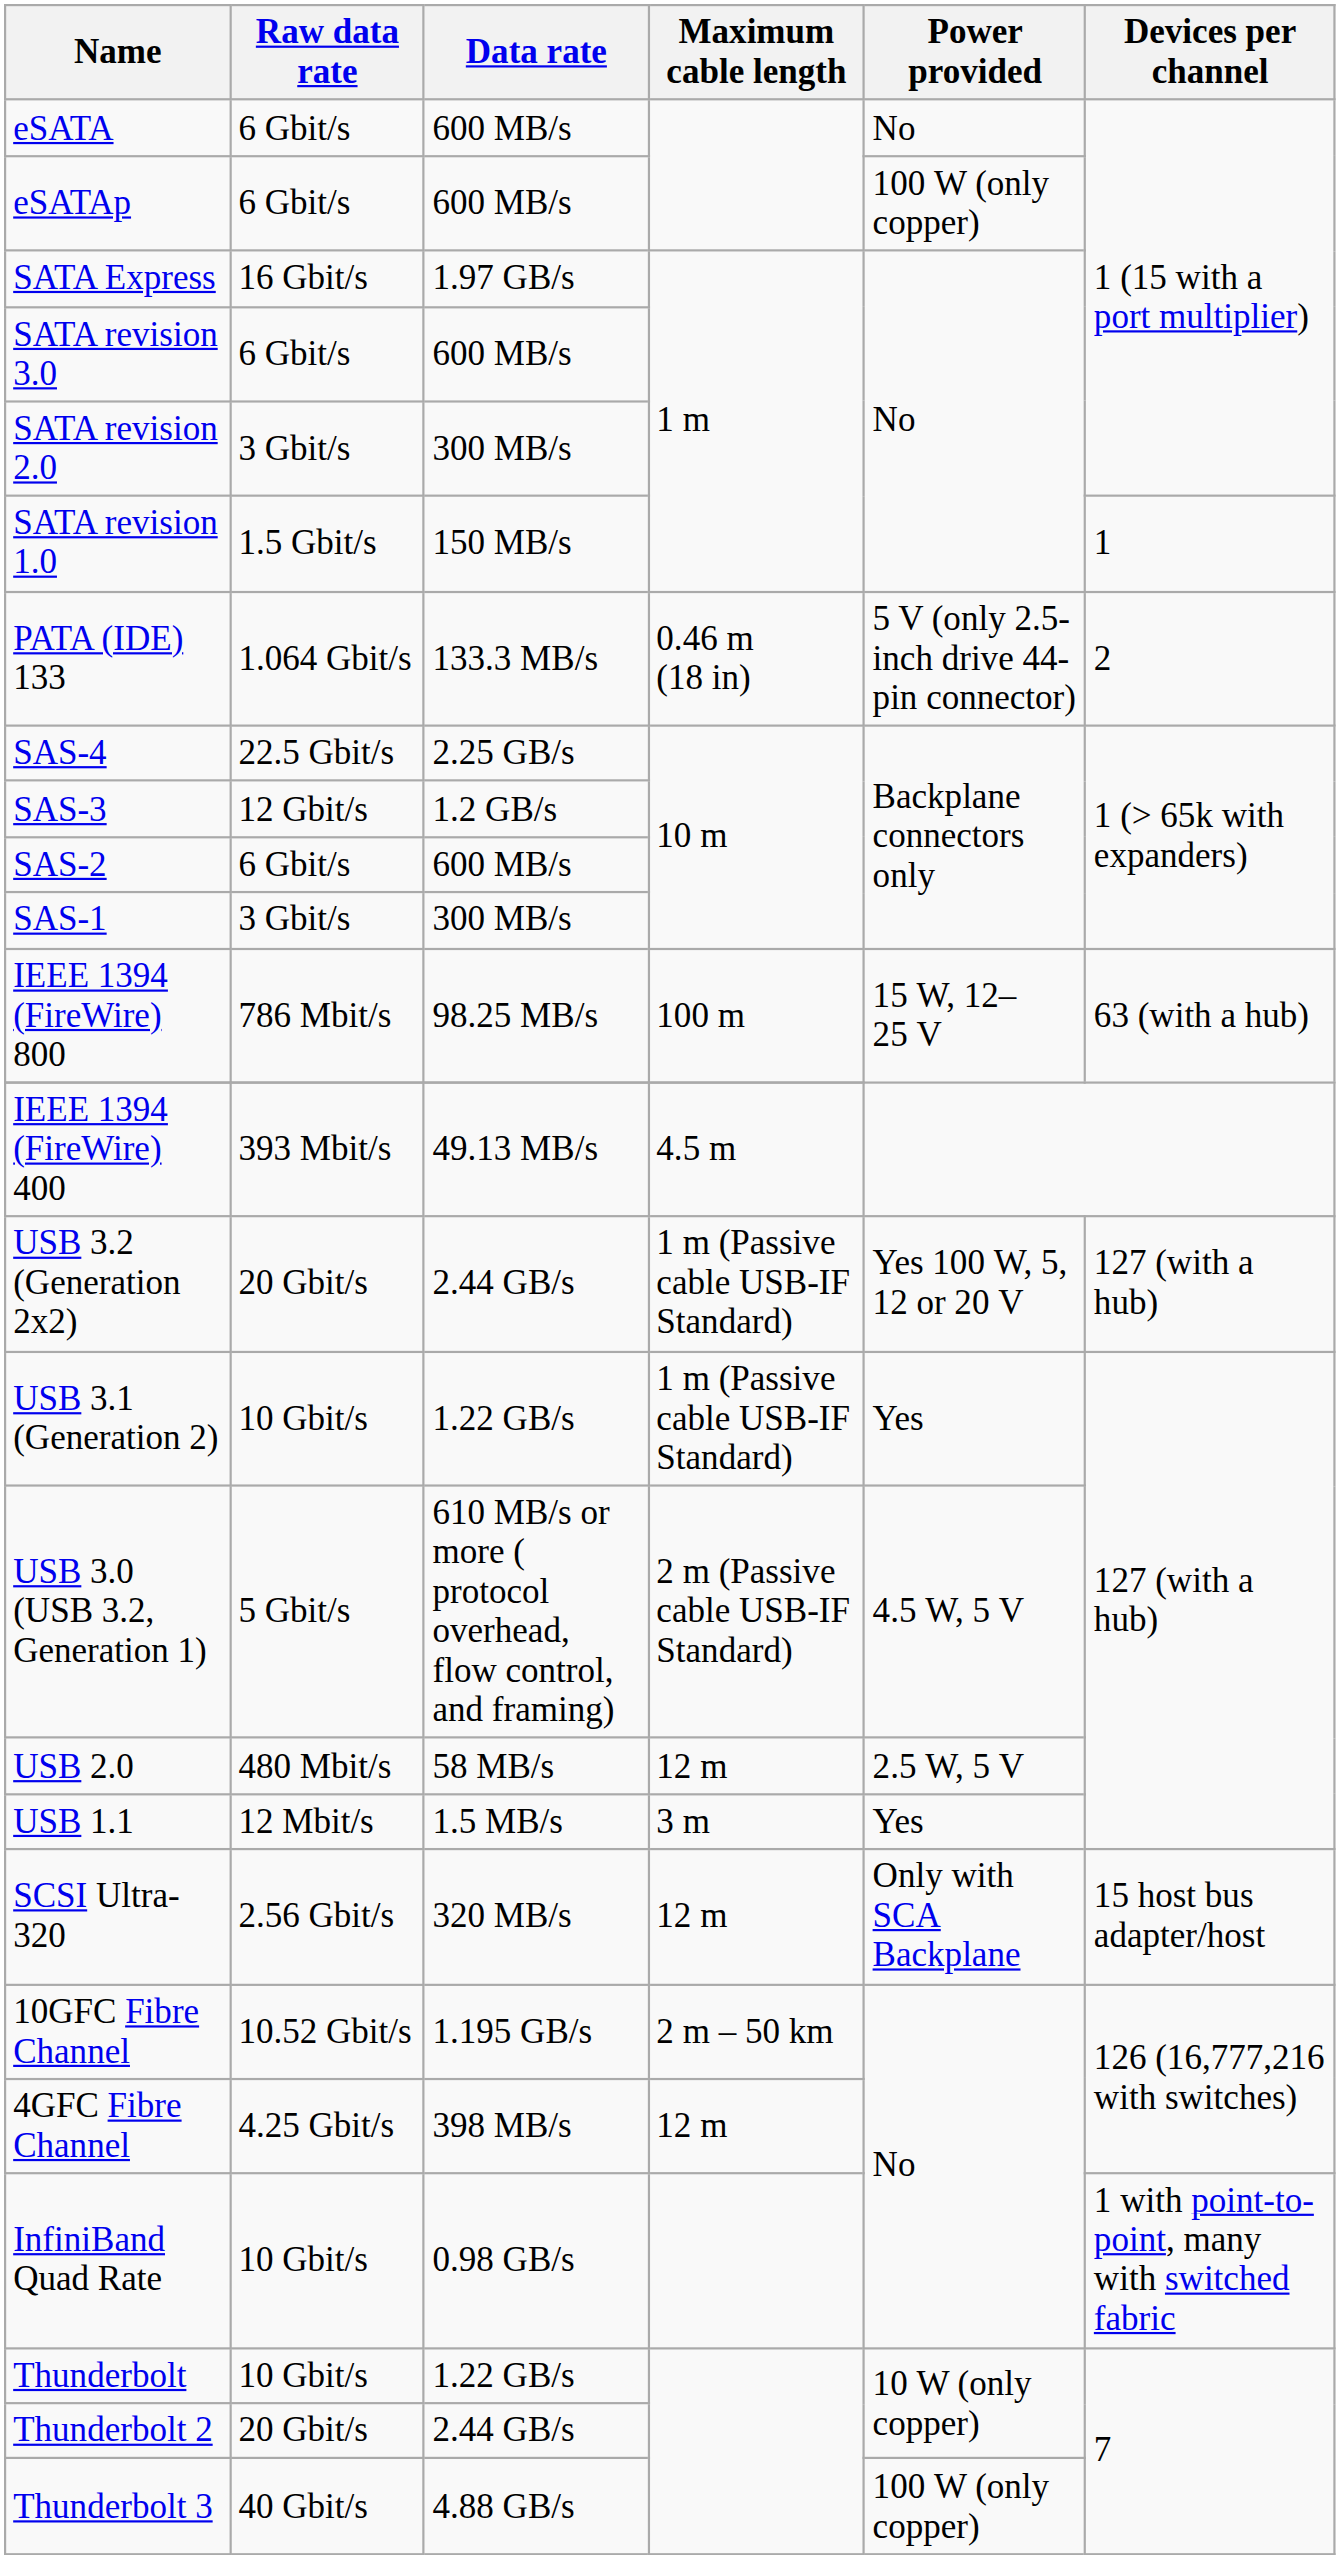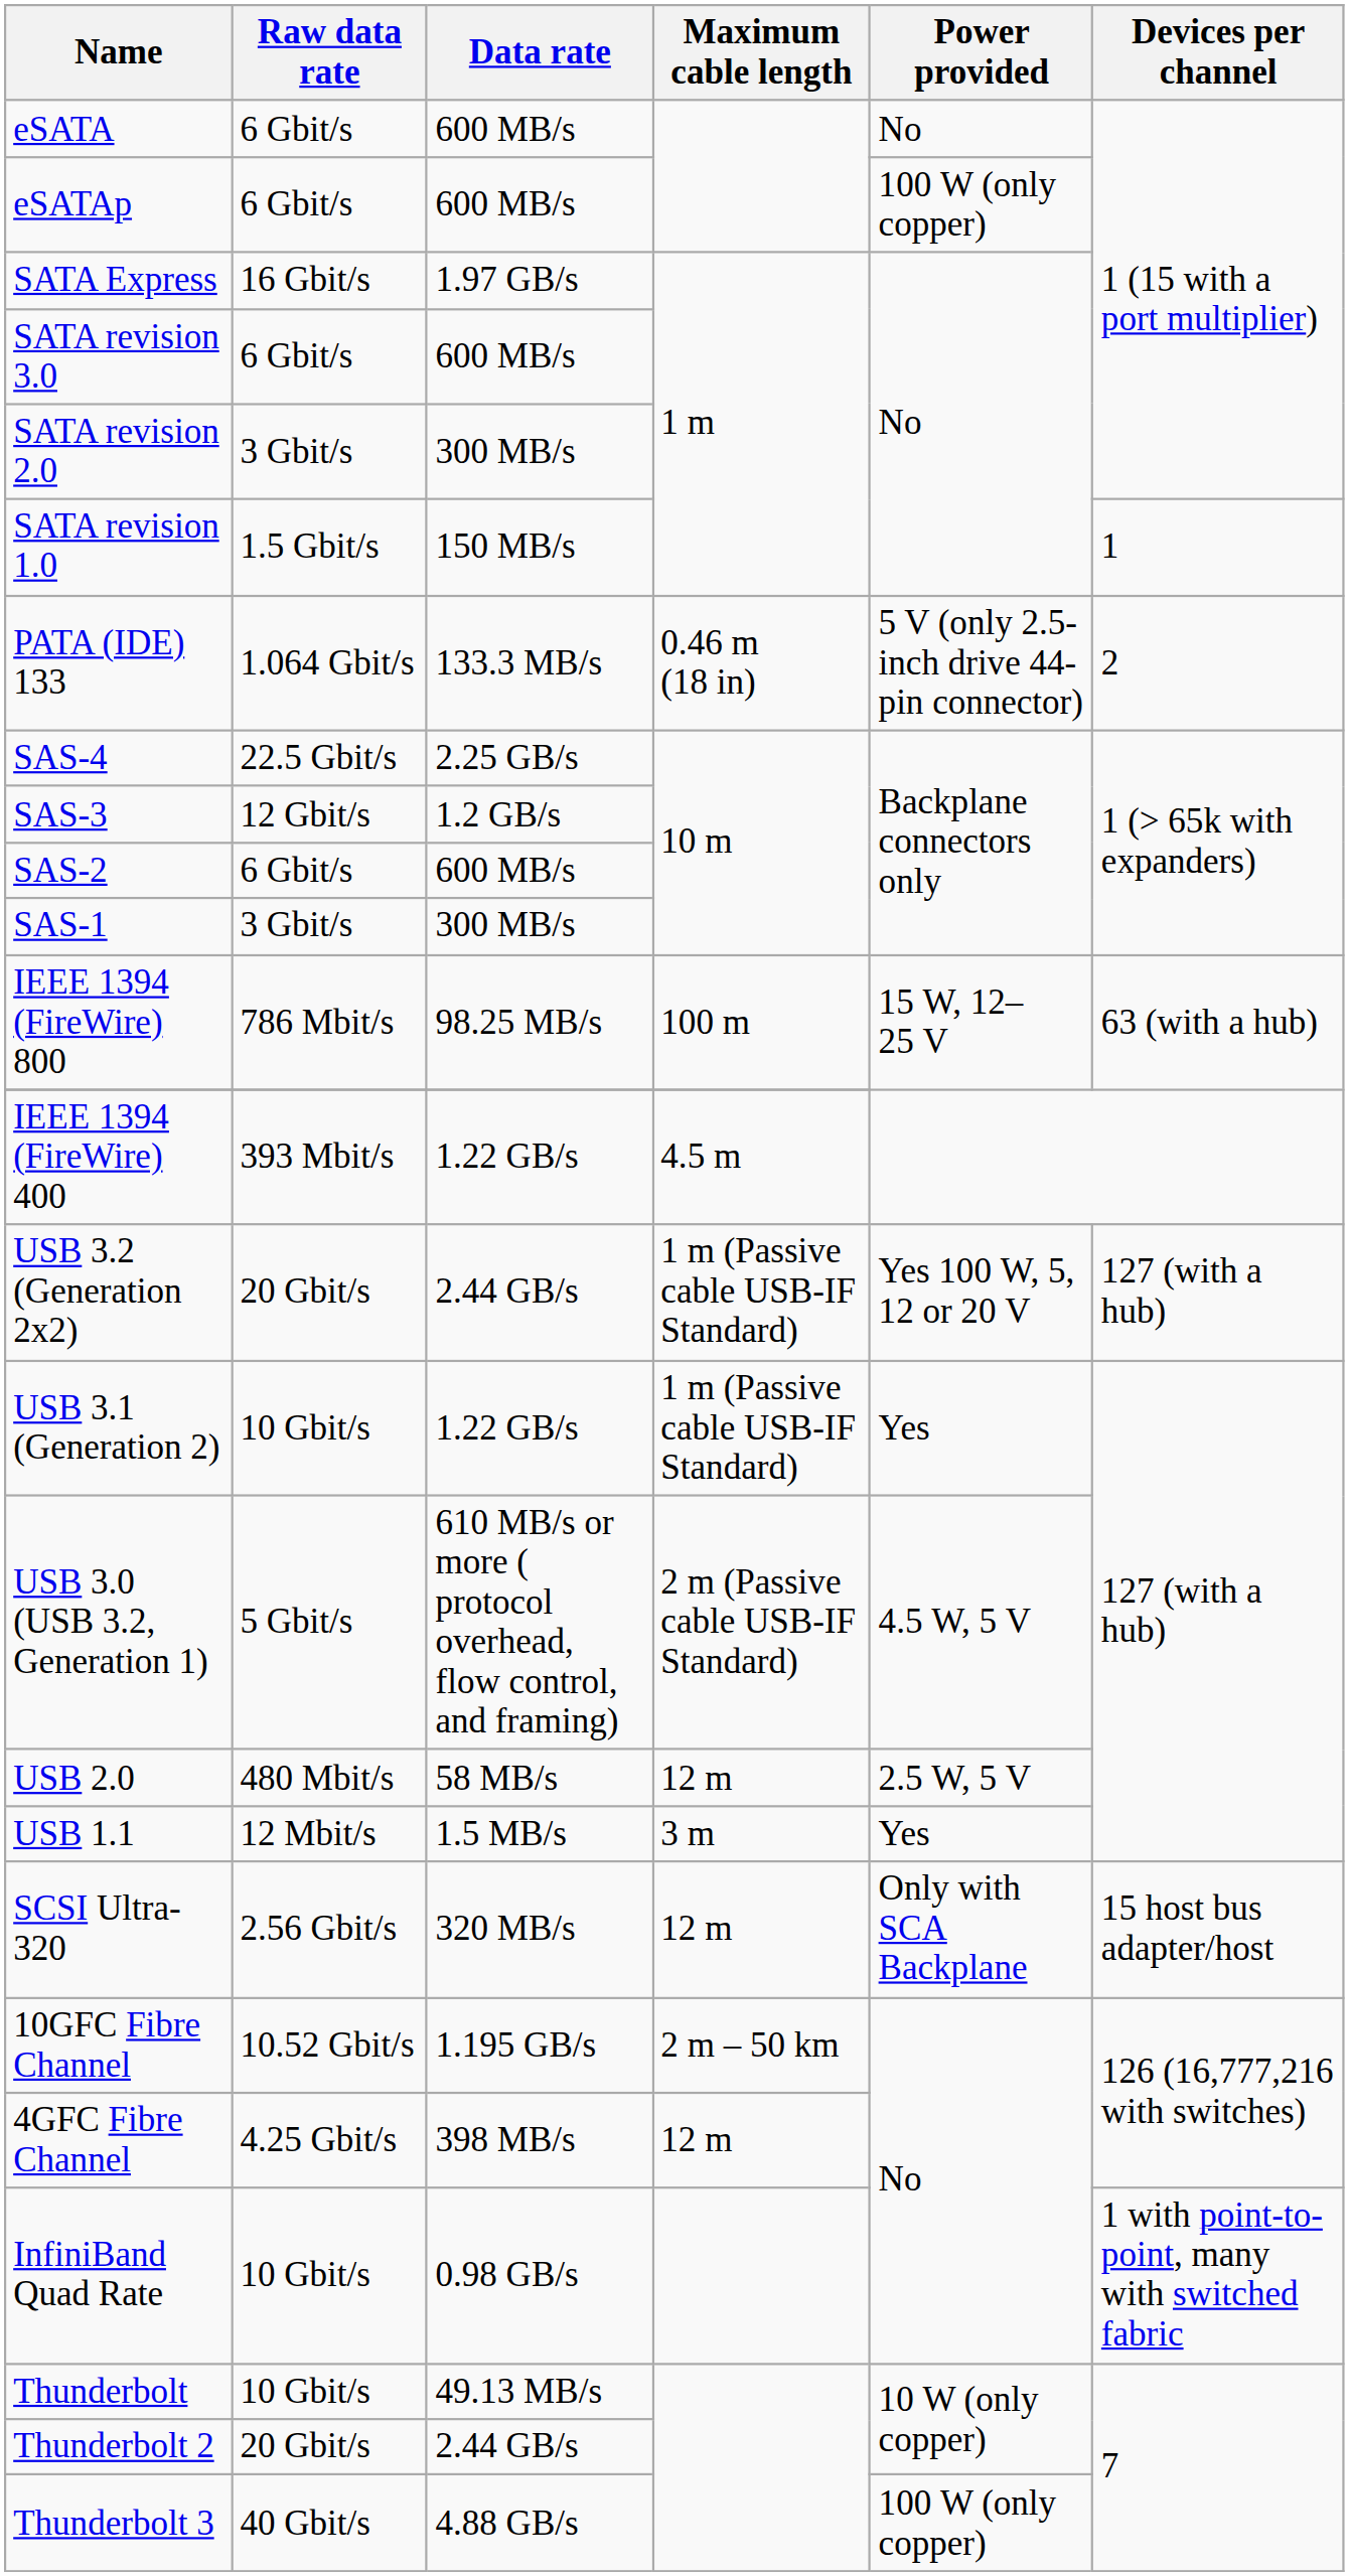 <table class="wikitable sortable">
 <tr>
 <th>Name</th>
 <th><a href='#'>Raw data rate</a></th>
 <th data-sort-type="number"><a href='#'>Data rate</a></th>
 <th>Maximum cable length</th>
 <th>Power provided</th>
 <th>Devices per channel</th>
 </tr>
 <tr>
 <td><a href='#'>eSATA</a></td>
 <td data-sort-value="6">6 Gbit/s</td>
 <td data-sort-value="600">600 MB/s</td>
 <td rowspan="2"></td>
 <td>No</td>
 <td rowspan="5">1 (15 with a <a href='#'>port multiplier</a>)</td>
 </tr>
 <tr>
 <td><a href='#'>eSATAp</a></td>
 <td data-sort-value="6">6 Gbit/s</td>
 <td data-sort-value="600">600 MB/s</td>
 <td Partial>100 W (only copper)</td>
 </tr>
 <tr>
 <td><a href='#'>SATA Express</a></td>
 <td data-sort-value="16">16 Gbit/s</td>
 <td data-sort-value="1969">1.97 GB/s</td>
 <td rowspan="4">1 m</td>
 <td rowspan="4">No</td>
 </tr>
 <tr>
 <td><a href='#'>SATA revision 3.0</a></td>
 <td data-sort-value="6">6 Gbit/s</td>
 <td data-sort-value="600">600 MB/s</td>
 </tr>
 <tr>
 <td><a href='#'>SATA revision 2.0</a></td>
 <td data-sort-value="3">3 Gbit/s</td>
 <td data-sort-value="300">300 MB/s</td>
 </tr>
 <tr>
 <td><a href='#'>SATA revision 1.0</a></td>
 <td data-sort-value="1.5">1.5 Gbit/s</td>
 <td data-sort-value="150">150 MB/s</td>
 <td>1</td>
 </tr>
 <tr>
 <td><a href='#'>PATA (IDE)</a> 133</td>
 <td data-sort-value="1.067">1.064 Gbit/s</td>
 <td data-sort-value="133.3">133.3 MB/s</td>
 <td>0.46 m (18 in)</td>
 <td Partial>5 V (only 2.5-inch drive 44-pin connector)</td>
 <td>2</td>
 </tr>
 <tr>
 <td><a href='#'>SAS-4</a></td>
 <td data-sort-value="22.5">22.5 Gbit/s</td>
 <td data-sort-value="2250">2.25 GB/s</td>
 <td rowspan="4">10 m</td>
 <td rowspan="4" Partial>Backplane connectors only</td>
 <td rowspan="4">1 (> 65k with expanders)</td>
 </tr>
 <tr>
 <td><a href='#'>SAS-3</a></td>
 <td data-sort-value="12">12 Gbit/s</td>
 <td data-sort-value="1200">1.2 GB/s</td>
 </tr>
 <tr>
 <td><a href='#'>SAS-2</a></td>
 <td data-sort-value="6">6 Gbit/s</td>
 <td data-sort-value="600">600 MB/s</td>
 </tr>
 <tr>
 <td><a href='#'>SAS-1</a></td>
 <td data-sort-value="3">3 Gbit/s</td>
 <td data-sort-value="300">300 MB/s</td>
 </tr>
 <tr>
 <td><a href='#'>IEEE 1394 (FireWire)</a> 800</td>
 <td>786 Mbit/s</td>
 <td data-sort-value="98.25">98.25 MB/s</td>
 <td>100 m</td>
 <td rowspan="2" Yes>15 W, 12–25 V</td>
 <td rowspan="2">63 (with a hub)</td>
 </tr>
 <tr>
 </tr>
 <tr>
 <td><a href='#'>IEEE 1394 (FireWire)</a> 400</td>
 <td>393 Mbit/s</td>
-<td data-sort-value="49.13">49.13 MB/s</td>
+<td>1.22 GB/s</td>
 <td>4.5 m</td>
 </tr>
 <tr>
 <td><a href='#'>USB</a> 3.2 (Generation 2x2)</td>
 <td data-sort-value="20">20 Gbit/s</td>
 <td data-sort-value="2440">2.44 GB/s</td>
 <td>1 m (Passive cable USB-IF Standard)</td>
 <td>Yes 100 W, 5, 12 or 20 V</td>
 <td>127 (with a hub)</td>
 </tr>
 <tr>
 <td><a href='#'>USB</a> 3.1 (Generation 2)</td>
 <td data-sort-value="10">10 Gbit/s</td>
 <td data-sort-value="1212">1.22 GB/s</td>
 <td>1 m (Passive cable USB-IF Standard)</td>
 <td>Yes</td>
 <td rowspan="4">127 (with a hub)</td>
 </tr>
 <tr>
 <td><a href='#'>USB</a> 3.0 (USB 3.2, Generation 1)</td>
 <td data-sort-value="5">5 Gbit/s</td>
 <td data-sort-value="610">610 MB/s or more ( protocol <br>overhead, flow control, and framing)</td>
 <td>2 m (Passive cable USB-IF Standard)</td>
 <td Yes>4.5 W, 5 V</td>
 </tr>
 <tr>
 <td><a href='#'>USB</a> 2.0</td>
 <td>480 Mbit/s</td>
 <td data-sort-value="58">58 MB/s</td>
 <td>12 m</td>
 <td Yes>2.5 W, 5 V</td>
 </tr>
 <tr>
 <td><a href='#'>USB</a> 1.1</td>
 <td>12 Mbit/s</td>
 <td data-sort-value="1.5">1.5 MB/s</td>
 <td>3 m</td>
 <td>Yes</td>
 </tr>
 <tr>
 <td><a href='#'>SCSI</a> Ultra-320</td>
 <td data-sort-value="2.56">2.56 Gbit/s</td>
 <td data-sort-value="320">320 MB/s</td>
 <td>12 m</td>
 <td Partial>Only with <a href='#'>SCA Backplane</a></td>
 <td>15  host bus adapter/host</td>
 </tr>
 <tr>
 <td>10GFC <a href='#'>Fibre Channel</a></td>
 <td data-sort-value="10.52">10.52 Gbit/s</td>
 <td data-sort-value="1195">1.195 GB/s</td>
 <td>2 m – 50 km</td>
 <td rowspan="3">No</td>
 <td rowspan="2">126 (16,777,216 with switches)</td>
 </tr>
 <tr>
 <td>4GFC <a href='#'>Fibre Channel</a></td>
 <td data-sort-value="4">4.25 Gbit/s</td>
 <td data-sort-value="398">398 MB/s</td>
 <td>12 m</td>
 </tr>
 <tr>
 <td><a href='#'>InfiniBand</a><br>Quad Rate</td>
 <td data-sort-value="10">10 Gbit/s</td>
 <td>0.98 GB/s</td>
 <td></td>
 <td>1 with <a href='#'>point-to-point</a>, many with <a href='#'>switched fabric</a></td>
 </tr>
 <tr>
 <td><a href='#'>Thunderbolt</a></td>
 <td data-sort-value="10">10 Gbit/s</td>
-<td>1.22 GB/s</td>
+<td data-sort-value="49.13">49.13 MB/s</td>
 <td rowspan="3"></td>
 <td rowspan="2" Partial>10 W (only copper)</td>
 <td rowspan="3">7</td>
 </tr>
 <tr>
 <td><a href='#'>Thunderbolt 2</a></td>
 <td data-sort-value="20">20 Gbit/s</td>
 <td>2.44 GB/s</td>
 </tr>
 <tr>
 <td><a href='#'>Thunderbolt 3</a></td>
 <td data-sort-value="40">40 Gbit/s</td>
 <td>4.88 GB/s</td>
 <td Partial>100 W (only copper)</td>
 </tr>
 </table>
